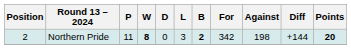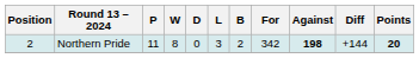 <table class="wikitable" style="text-align:center; font-size:85%;">
 <tr style="background: #d7ebed;">
 <th width="40" abbr="Position">Position</th>
 <th width="100">Round 13 – 2024</th>
 <th width="20" abbr="Played">P</th>
 <th width="20" abbr="Won">W</th>
 <th width="20" abbr="Drawn">D</th>
 <th width="20" abbr="Lost">L</th>
 <th width="20" abbr="Bye">B</th>
 <th width="40" abbr="Points for">For</th>
 <th width="40" abbr="Points against">Against</th>
 <th width="40" abbr="Points difference">Diff</th>
 <th width="40" abbr="Points">Points</th>
 </tr>
 <tr style="background: #d7ebed;">
 <td>2</td>
 <td style="text-align:left;"> Northern Pride</td>
 <td>11</td>
-<td><strong>8</strong></td>
+<td>8</td>
 <td>0</td>
 <td>3</td>
-<td><strong>2</strong></td>
+<td>2</td>
 <td>342</td>
-<td>198</td>
+<td><strong>198</strong></td>
 <td>+144</td>
 <td><strong>20</strong></td>
 </tr>
 <tr>
 </tr>
 </table>
